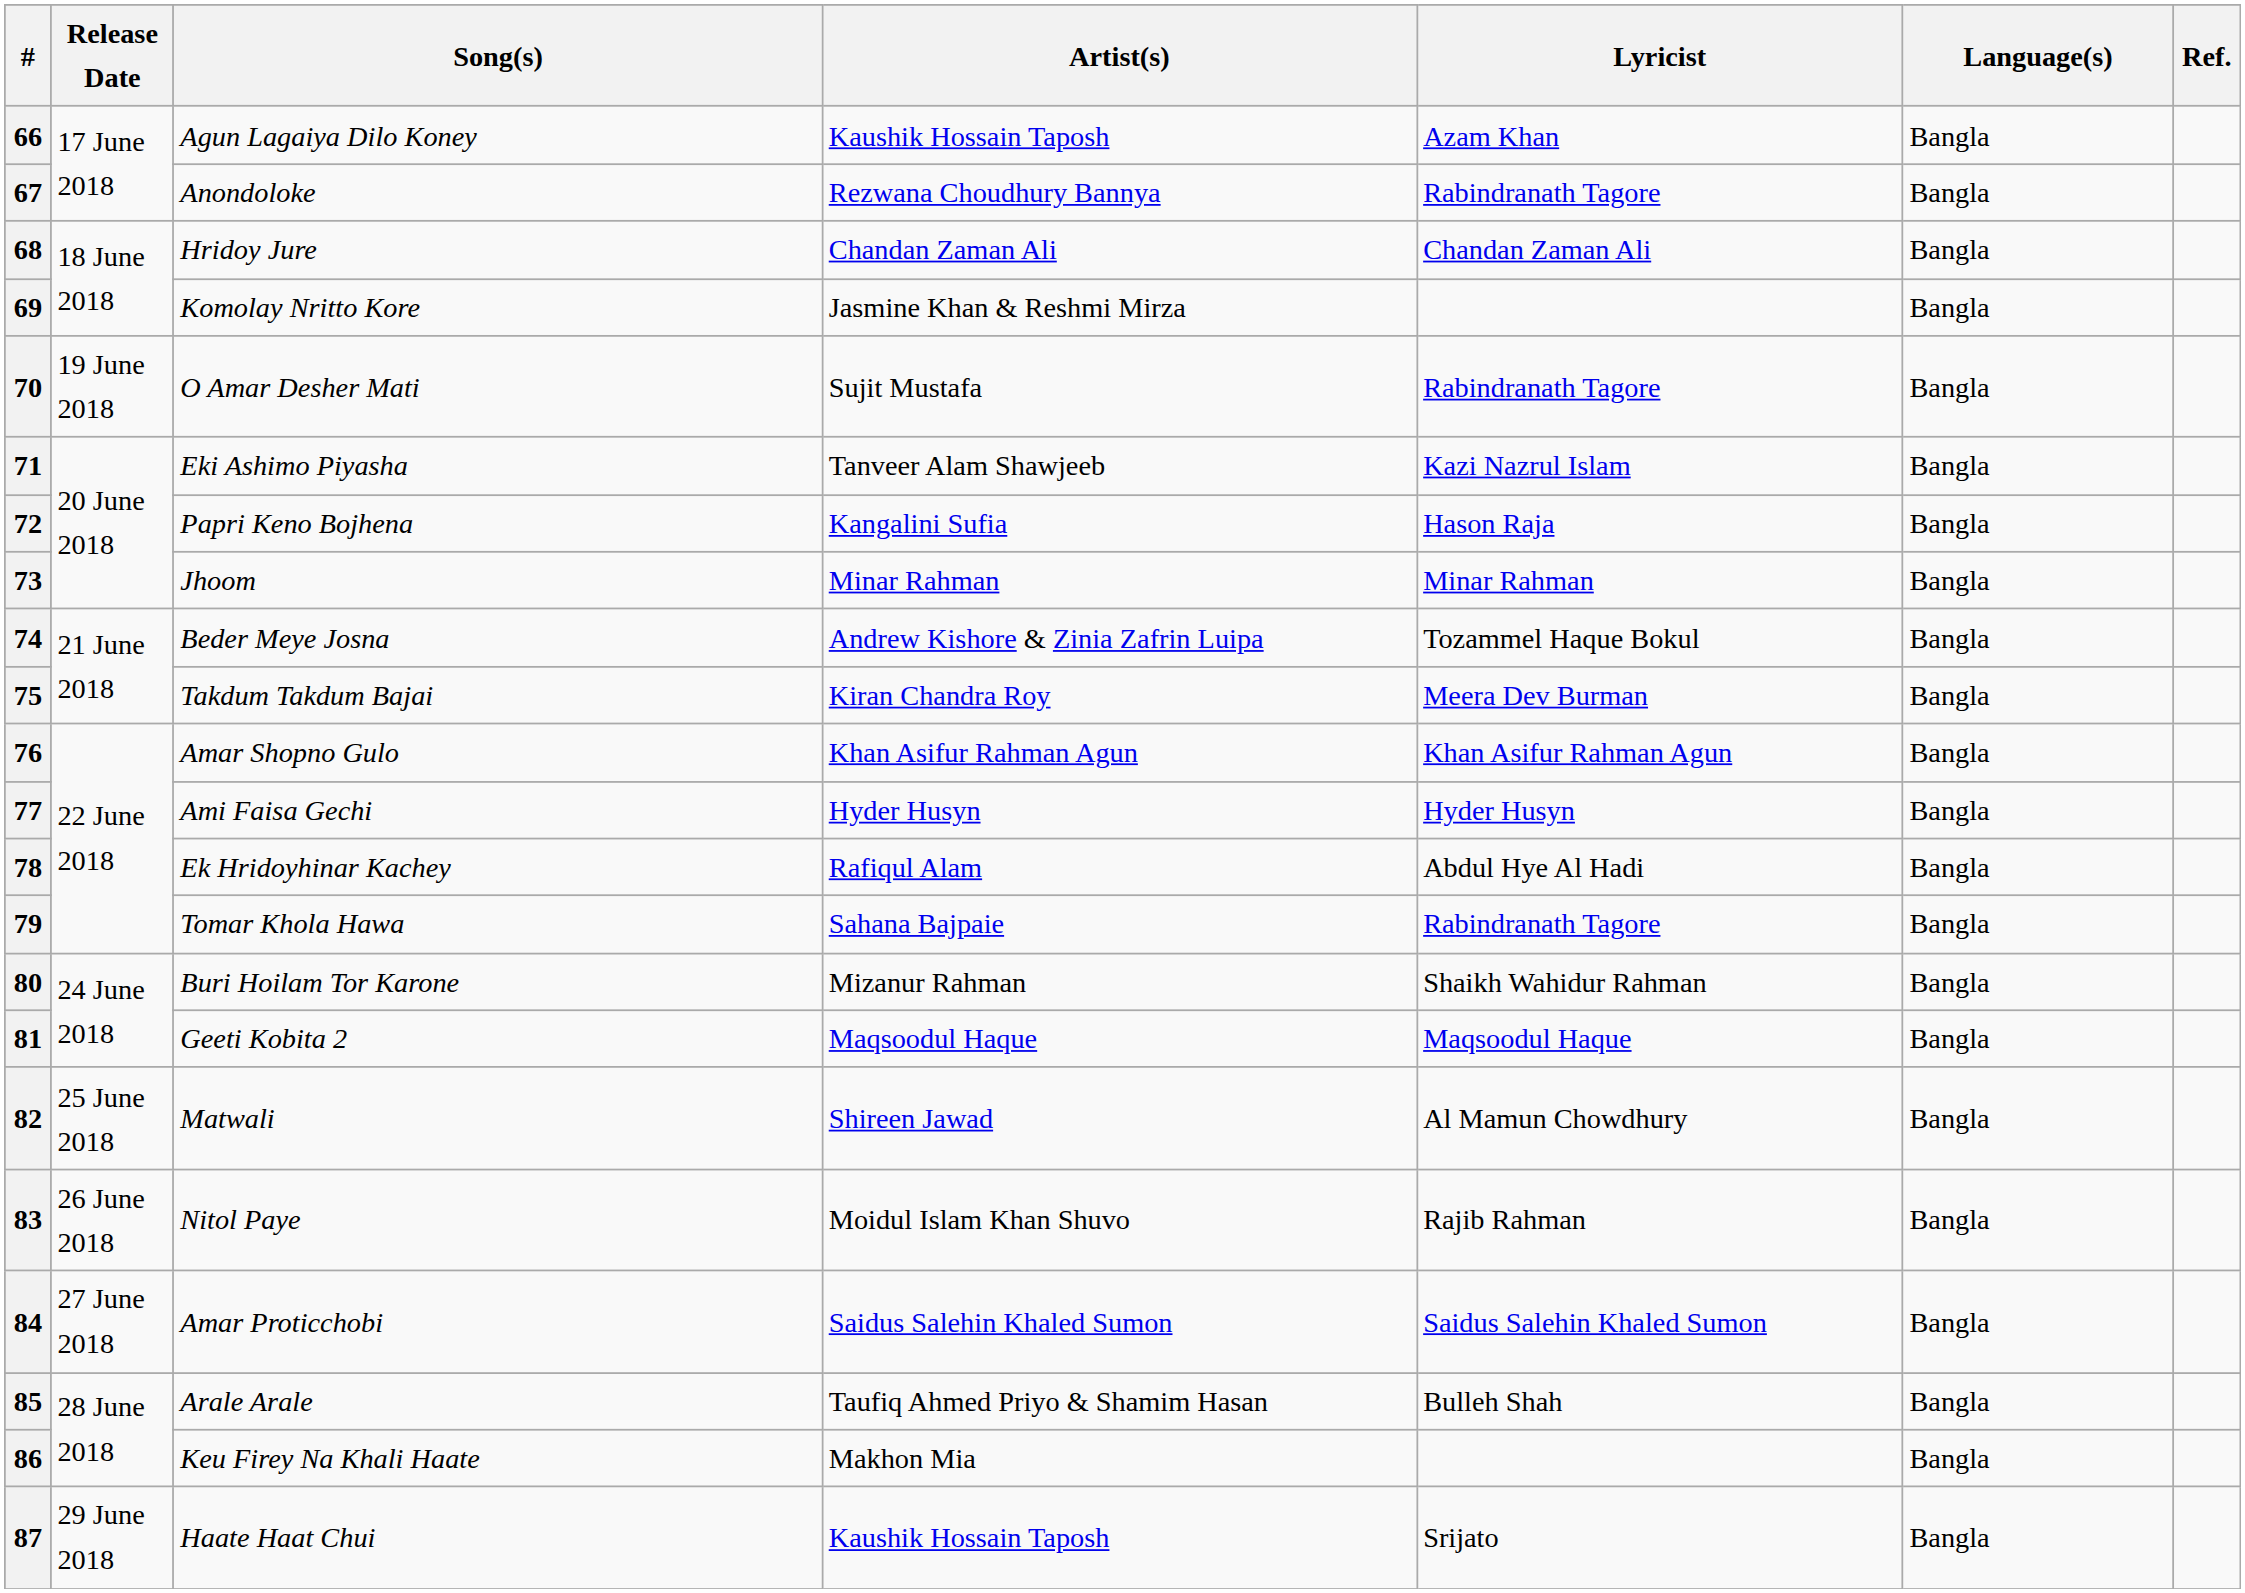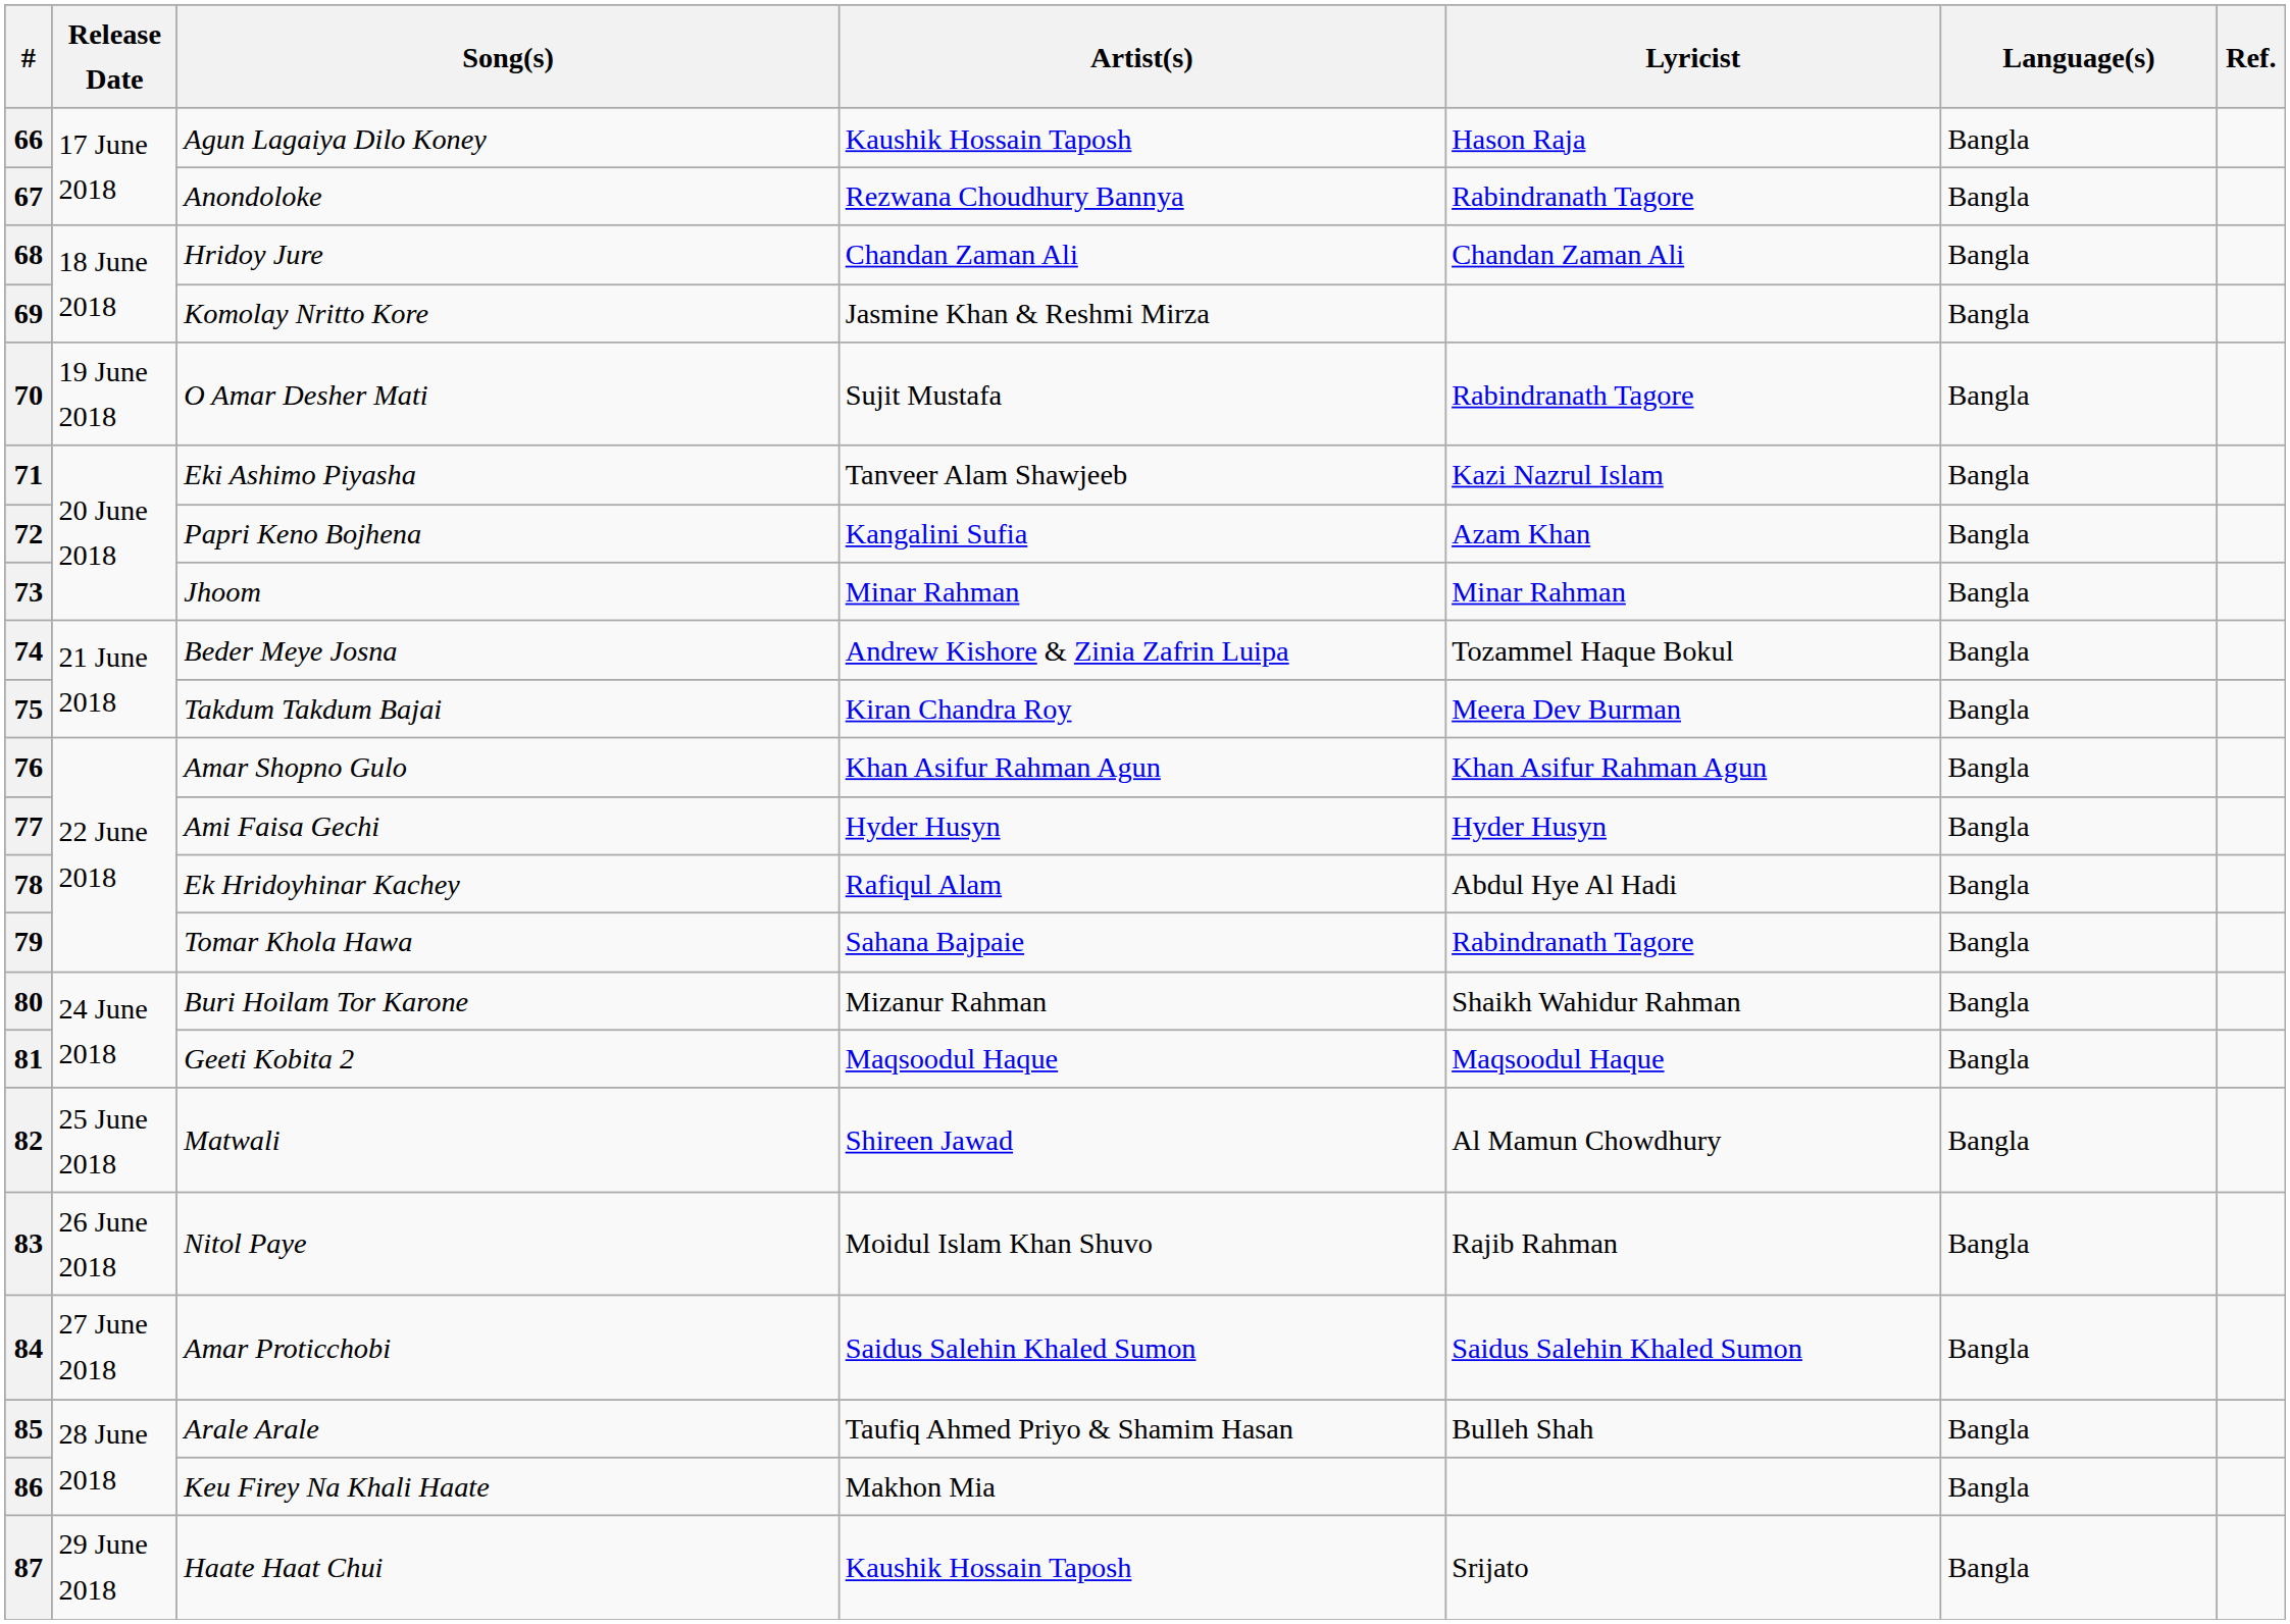 <table class="wikitable" style="text-align:left; font-size:100%; line-height:25px; width:100%;">
 <tr>
 <th style="width:1%;">#</th>
 <th style="width:04%;">Release Date </th>
 <th style="width:24%;">Song(s)</th>
 <th style="width:22%;">Artist(s)</th>
 <th style="width:18%;">Lyricist</th>
 <th style="width:10%;">Language(s)</th>
 <th style="width:1%;">Ref.</th>
 </tr>
 <tr>
 <th>66</th>
 <td rowspan="2">17 June 2018</td>
 <td><em>Agun Lagaiya Dilo Koney</em></td>
 <td><a href='#'>Kaushik Hossain Taposh</a></td>
-<td><a href='#'>Azam Khan</a></td>
+<td><a href='#'>Hason Raja</a></td>
 <td>Bangla</td>
 <td></td>
 </tr>
 <tr>
 <th>67</th>
 <td><em>Anondoloke</em></td>
 <td><a href='#'>Rezwana Choudhury Bannya</a></td>
 <td><a href='#'>Rabindranath Tagore</a></td>
 <td>Bangla</td>
 <td></td>
 </tr>
 <tr>
 <th>68</th>
 <td rowspan="2">18 June 2018</td>
 <td><em>Hridoy Jure</em></td>
 <td><a href='#'>Chandan Zaman Ali</a></td>
 <td><a href='#'>Chandan Zaman Ali</a></td>
 <td>Bangla</td>
 <td></td>
 </tr>
 <tr>
 <th>69</th>
 <td><em>Komolay Nritto Kore</em></td>
 <td>Jasmine Khan & Reshmi Mirza</td>
 <td></td>
 <td>Bangla</td>
 <td></td>
 </tr>
 <tr>
 <th>70</th>
 <td>19 June 2018</td>
 <td><em>O Amar Desher Mati</em></td>
 <td>Sujit Mustafa</td>
 <td><a href='#'>Rabindranath Tagore</a></td>
 <td>Bangla</td>
 <td></td>
 </tr>
 <tr>
 <th>71</th>
 <td rowspan="3">20 June 2018</td>
 <td><em>Eki Ashimo Piyasha</em></td>
 <td>Tanveer Alam Shawjeeb</td>
 <td><a href='#'>Kazi Nazrul Islam</a></td>
 <td>Bangla</td>
 <td></td>
 </tr>
 <tr>
 <th>72</th>
 <td><em>Papri Keno Bojhena</em></td>
 <td><a href='#'>Kangalini Sufia</a></td>
-<td><a href='#'>Hason Raja</a></td>
+<td><a href='#'>Azam Khan</a></td>
 <td>Bangla</td>
 <td></td>
 </tr>
 <tr>
 <th>73</th>
 <td><em>Jhoom</em></td>
 <td><a href='#'>Minar Rahman</a></td>
 <td><a href='#'>Minar Rahman</a></td>
 <td>Bangla</td>
 <td></td>
 </tr>
 <tr>
 <th>74</th>
 <td rowspan="2">21 June 2018</td>
 <td><em>Beder Meye Josna</em></td>
 <td><a href='#'>Andrew Kishore</a> & <a href='#'>Zinia Zafrin Luipa</a></td>
 <td>Tozammel Haque Bokul</td>
 <td>Bangla</td>
 <td></td>
 </tr>
 <tr>
 <th>75</th>
 <td><em>Takdum Takdum Bajai</em></td>
 <td><a href='#'>Kiran Chandra Roy</a></td>
 <td><a href='#'>Meera Dev Burman</a></td>
 <td>Bangla</td>
 <td></td>
 </tr>
 <tr>
 <th>76</th>
 <td rowspan="4">22 June 2018</td>
 <td><em>Amar Shopno Gulo</em></td>
 <td><a href='#'>Khan Asifur Rahman Agun</a></td>
 <td><a href='#'>Khan Asifur Rahman Agun</a></td>
 <td>Bangla</td>
 <td></td>
 </tr>
 <tr>
 <th>77</th>
 <td><em>Ami Faisa Gechi</em></td>
 <td><a href='#'>Hyder Husyn</a></td>
 <td><a href='#'>Hyder Husyn</a></td>
 <td>Bangla</td>
 <td></td>
 </tr>
 <tr>
 <th>78</th>
 <td><em>Ek Hridoyhinar Kachey</em></td>
 <td><a href='#'>Rafiqul Alam</a></td>
 <td>Abdul Hye Al Hadi</td>
 <td>Bangla</td>
 <td></td>
 </tr>
 <tr>
 <th>79</th>
 <td><em>Tomar Khola Hawa</em></td>
 <td><a href='#'>Sahana Bajpaie</a></td>
 <td><a href='#'>Rabindranath Tagore</a></td>
 <td>Bangla</td>
 <td></td>
 </tr>
 <tr>
 <th>80</th>
 <td rowspan="2">24 June 2018</td>
 <td><em>Buri Hoilam Tor Karone</em></td>
 <td>Mizanur Rahman</td>
 <td>Shaikh Wahidur Rahman</td>
 <td>Bangla</td>
 <td></td>
 </tr>
 <tr>
 <th>81</th>
 <td><em>Geeti Kobita 2</em></td>
 <td><a href='#'>Maqsoodul Haque</a></td>
 <td><a href='#'>Maqsoodul Haque</a></td>
 <td>Bangla</td>
 <td></td>
 </tr>
 <tr>
 <th>82</th>
 <td>25 June 2018</td>
 <td><em>Matwali</em></td>
 <td><a href='#'>Shireen Jawad</a></td>
 <td>Al Mamun Chowdhury</td>
 <td>Bangla</td>
 <td></td>
 </tr>
 <tr>
 <th>83</th>
 <td>26 June 2018</td>
 <td><em>Nitol Paye</em></td>
 <td>Moidul Islam Khan Shuvo</td>
 <td>Rajib Rahman</td>
 <td>Bangla</td>
 <td></td>
 </tr>
 <tr>
 <th>84</th>
 <td>27 June 2018</td>
 <td><em>Amar Proticchobi</em></td>
 <td><a href='#'>Saidus Salehin Khaled Sumon</a></td>
 <td><a href='#'>Saidus Salehin Khaled Sumon</a></td>
 <td>Bangla</td>
 <td></td>
 </tr>
 <tr>
 <th>85</th>
 <td rowspan="2">28 June 2018</td>
 <td><em>Arale Arale</em></td>
 <td>Taufiq Ahmed Priyo & Shamim Hasan</td>
 <td>Bulleh Shah</td>
 <td>Bangla</td>
 <td></td>
 </tr>
 <tr>
 <th>86</th>
 <td><em>Keu Firey Na Khali Haate</em></td>
 <td>Makhon Mia</td>
 <td></td>
 <td>Bangla</td>
 <td></td>
 </tr>
 <tr>
 <th>87</th>
 <td>29 June 2018</td>
 <td><em>Haate Haat Chui</em></td>
 <td><a href='#'>Kaushik Hossain Taposh</a></td>
 <td>Srijato</td>
 <td>Bangla</td>
 <td></td>
 </tr>
 </table>
